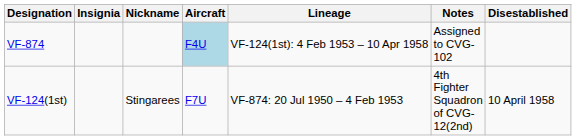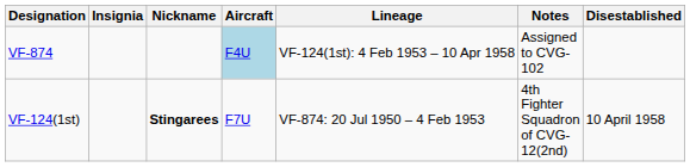 <table class="wikitable">
 <tr>
 <th>Designation</th>
 <th>Insignia</th>
 <th>Nickname</th>
 <th>Aircraft</th>
 <th>Lineage</th>
 <th>Notes</th>
 <th>Disestablished</th>
 </tr>
 <tr>
 <td><a href='#'>VF-874</a></td>
 <td></td>
 <td></td>
 <td style="background: lightblue;"><a href='#'>F4U</a></td>
 <td style="white-space: nowrap;">VF-124(1st): 4 Feb 1953 – 10 Apr 1958</td>
 <td>Assigned to CVG-102</td>
 </tr>
 <tr>
 <td><a href='#'>VF-124</a>(1st)</td>
 <td></td>
-<td>Stingarees</td>
+<td><strong>Stingarees</strong></td>
 <td><a href='#'>F7U</a></td>
 <td>VF-874: 20 Jul 1950 – 4 Feb 1953</td>
 <td>4th Fighter Squadron of CVG-12(2nd)</td>
 <td>10 April 1958</td>
 </tr>
 </table>
